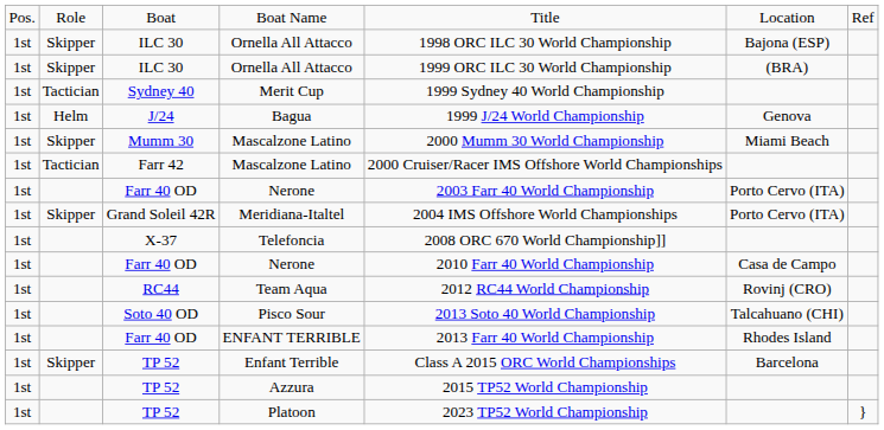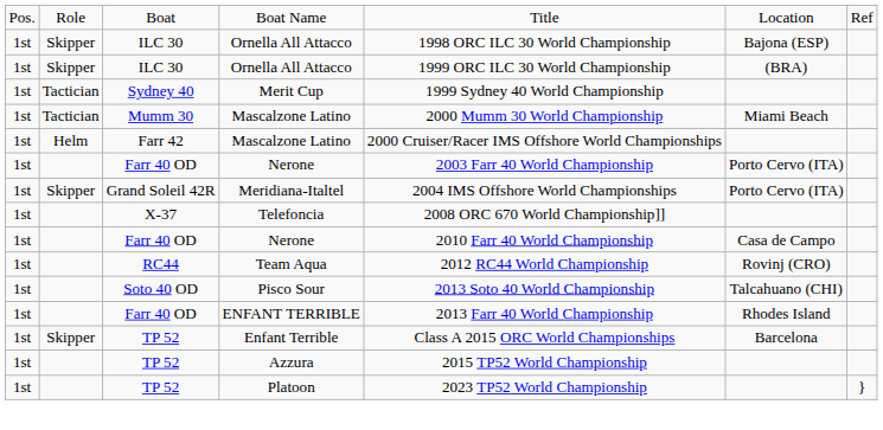 <table class="wikitable" style="text-align: center;">
 <tr>
 <td>Pos.</td>
 <td>Role</td>
 <td>Boat</td>
 <td>Boat Name</td>
 <td>Title</td>
 <td>Location</td>
 <td>Ref</td>
 </tr>
 <tr>
 <td>1st</td>
 <td>Skipper</td>
 <td>ILC 30</td>
 <td>Ornella All Attacco</td>
 <td>1998 ORC ILC 30 World Championship</td>
 <td>Bajona (ESP)</td>
 <td></td>
 </tr>
 <tr>
 <td>1st</td>
 <td>Skipper</td>
 <td>ILC 30</td>
 <td>Ornella All Attacco</td>
 <td>1999 ORC ILC 30 World Championship</td>
 <td>(BRA)</td>
 <td></td>
 </tr>
 <tr>
 <td>1st</td>
 <td>Tactician</td>
 <td><a href='#'>Sydney 40</a></td>
 <td>Merit Cup</td>
 <td>1999 Sydney 40 World Championship</td>
 <td></td>
 <td></td>
 </tr>
 <tr>
 <td>1st</td>
-<td>Helm</td>
-<td><a href='#'>J/24</a></td>
-<td>Bagua</td>
-<td>1999 <a href='#'>J/24 World Championship</a></td>
-<td>Genova</td>
-<td></td>
-</tr>
-<tr>
-<td>1st</td>
-<td>Skipper</td>
+<td>Tactician</td>
 <td><a href='#'>Mumm 30</a></td>
 <td>Mascalzone Latino</td>
 <td>2000 <a href='#'>Mumm 30 World Championship</a></td>
 <td>Miami Beach</td>
 <td></td>
 </tr>
 <tr>
 <td>1st</td>
-<td>Tactician</td>
+<td>Helm</td>
 <td>Farr 42</td>
 <td>Mascalzone Latino</td>
 <td>2000 Cruiser/Racer IMS Offshore World Championships</td>
 <td></td>
 <td></td>
 </tr>
 <tr>
 <td>1st</td>
 <td></td>
 <td><a href='#'>Farr 40</a> OD</td>
 <td>Nerone</td>
 <td><a href='#'>2003 Farr 40 World Championship</a></td>
 <td>Porto Cervo (ITA)</td>
 <td></td>
 </tr>
 <tr>
 <td>1st</td>
 <td>Skipper</td>
 <td>Grand Soleil 42R</td>
 <td>Meridiana-Italtel</td>
 <td>2004 IMS Offshore World Championships</td>
 <td>Porto Cervo (ITA)</td>
 <td></td>
 </tr>
 <tr>
 <td>1st</td>
 <td></td>
 <td>X-37</td>
 <td>Telefoncia</td>
 <td>2008 ORC 670 World Championship]]</td>
 <td></td>
 <td></td>
 </tr>
 <tr>
 <td>1st</td>
 <td></td>
 <td><a href='#'>Farr 40</a> OD</td>
 <td>Nerone</td>
 <td>2010 <a href='#'>Farr 40 World Championship</a></td>
 <td>Casa de Campo</td>
 <td></td>
 </tr>
 <tr>
 <td>1st</td>
 <td></td>
 <td><a href='#'>RC44</a></td>
 <td>Team Aqua</td>
 <td>2012 <a href='#'>RC44 World Championship</a></td>
 <td>Rovinj (CRO)</td>
 <td></td>
 </tr>
 <tr>
 <td>1st</td>
 <td></td>
 <td><a href='#'>Soto 40</a> OD</td>
 <td>Pisco Sour</td>
 <td><a href='#'>2013 Soto 40 World Championship</a></td>
 <td>Talcahuano (CHI)</td>
 <td></td>
 </tr>
 <tr>
 <td>1st</td>
 <td></td>
 <td><a href='#'>Farr 40</a> OD</td>
 <td>ENFANT TERRIBLE</td>
 <td>2013 <a href='#'>Farr 40 World Championship</a></td>
 <td>Rhodes Island</td>
 <td></td>
 </tr>
 <tr>
 <td>1st</td>
 <td>Skipper</td>
 <td><a href='#'>TP 52</a></td>
 <td>Enfant Terrible</td>
 <td>Class A 2015 <a href='#'>ORC World Championships</a></td>
 <td>Barcelona</td>
 <td></td>
 </tr>
 <tr>
 <td>1st</td>
 <td></td>
 <td><a href='#'>TP 52</a></td>
 <td>Azzura</td>
 <td>2015 <a href='#'>TP52 World Championship</a></td>
 <td></td>
 <td></td>
 </tr>
 <tr>
 <td>1st</td>
 <td></td>
 <td><a href='#'>TP 52</a></td>
 <td>Platoon</td>
 <td>2023 <a href='#'>TP52 World Championship</a></td>
 <td></td>
 <td>}</td>
 </tr>
 </table>
